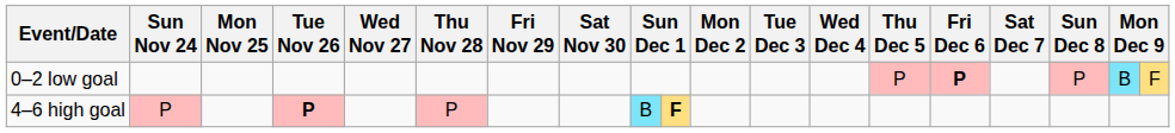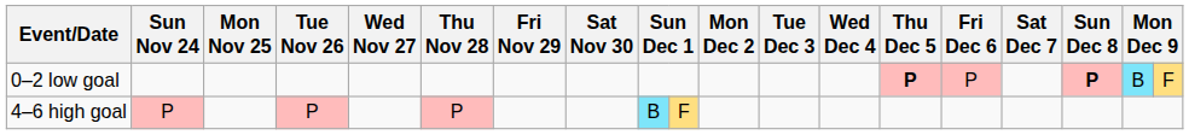 <table class="wikitable" style="margin:0.5em auto; font-size:90%; line-height:1.25em; text-align:center;">
 <tr>
 <th>Event/Date</th>
 <th>Sun<br>Nov 24</th>
 <th>Mon<br>Nov 25</th>
 <th>Tue<br>Nov 26</th>
 <th>Wed<br>Nov 27</th>
 <th>Thu<br>Nov 28</th>
 <th>Fri<br>Nov 29</th>
 <th>Sat<br>Nov 30</th>
 <th colspan=2>Sun<br>Dec 1</th>
 <th>Mon<br>Dec 2</th>
 <th>Tue<br>Dec 3</th>
 <th>Wed<br>Dec 4</th>
 <th>Thu<br>Dec 5</th>
 <th>Fri<br>Dec 6</th>
 <th>Sat<br>Dec 7</th>
 <th>Sun<br>Dec 8</th>
 <th colspan=2>Mon<br>Dec 9</th>
 </tr>
 <tr>
 <td align="left">0–2 low goal</td>
 <td></td>
 <td></td>
 <td></td>
 <td></td>
 <td></td>
 <td></td>
 <td></td>
 <td colspan=2></td>
 <td></td>
 <td></td>
 <td></td>
+<td bgcolor="#FFBBBB"><strong>P</strong></td>
 <td bgcolor="#FFBBBB">P</td>
+<td></td>
 <td bgcolor="#FFBBBB"><strong>P</strong></td>
-<td></td>
-<td bgcolor="#FFBBBB">P</td>
 <td bgcolor="#7DE5FA">B</td>
 <td bgcolor="#FFDF80">F</td>
 </tr>
 <tr>
 <td align="left">4–6 high goal</td>
 <td bgcolor="#FFBBBB">P</td>
 <td></td>
-<td bgcolor="#FFBBBB"><strong>P</strong></td>
+<td bgcolor="#FFBBBB">P</td>
 <td></td>
 <td bgcolor="#FFBBBB">P</td>
 <td></td>
 <td></td>
 <td bgcolor="#7DE5FA">B</td>
-<td bgcolor="#FFDF80"><strong>F</strong></td>
+<td bgcolor="#FFDF80">F</td>
 <td></td>
 <td></td>
 <td></td>
 <td></td>
 <td></td>
 <td></td>
 <td></td>
 <td colspan=2></td>
 </tr>
 </table>
